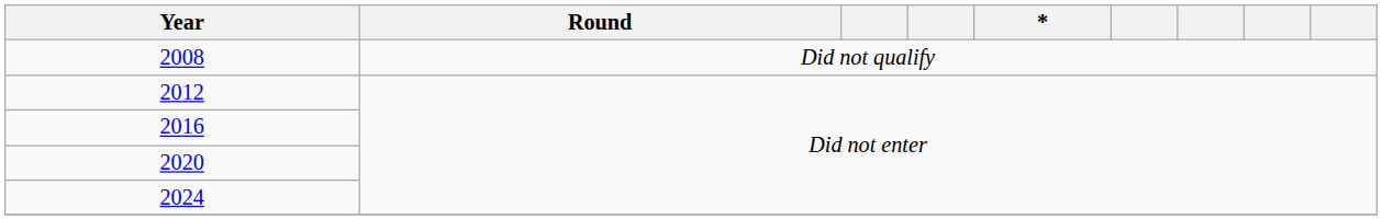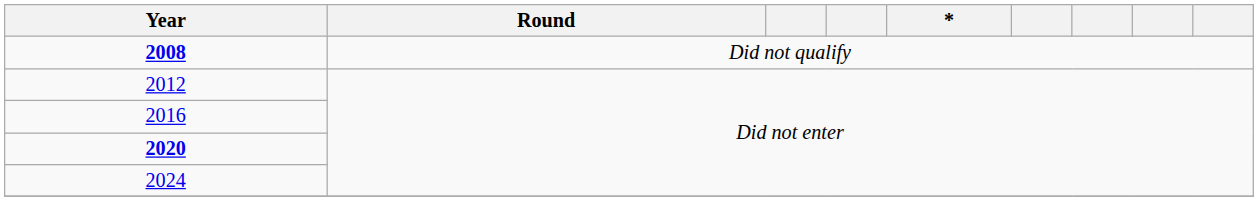 <table class="wikitable" style="text-align: center; width:50%;">
 <tr>
 <th>Year</th>
 <th>Round</th>
 <th></th>
 <th></th>
 <th>*</th>
 <th></th>
 <th></th>
 <th></th>
 <th></th>
 </tr>
 <tr>
-<td> <a href='#'>2008</a></td>
+<td><strong> <a href='#'>2008</a></strong></td>
 <td colspan=8><em>Did not qualify</em></td>
 </tr>
 <tr>
 <td> <a href='#'>2012</a></td>
 <td colspan=8 rowspan=4><em>Did not enter</em></td>
 </tr>
 <tr>
 <td> <a href='#'>2016</a></td>
 </tr>
 <tr>
-<td> <a href='#'>2020</a></td>
+<td><strong> <a href='#'>2020</a></strong></td>
 </tr>
 <tr>
 <td> <a href='#'>2024</a></td>
 </tr>
 <tr>
 </tr>
 </table>
